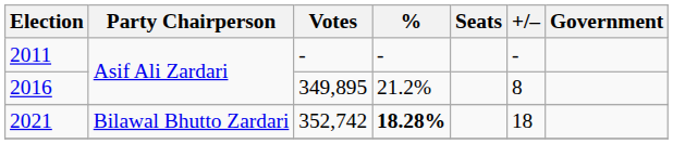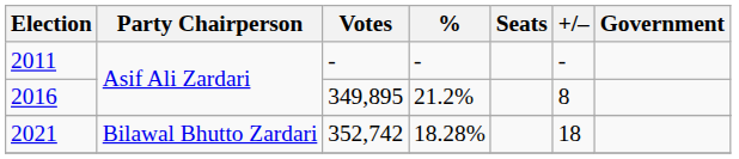 <table class="wikitable">
 <tr>
 <th><strong>Election</strong></th>
 <th>Party Chairperson</th>
 <th><strong>Votes</strong></th>
 <th><strong>%</strong></th>
 <th><strong>Seats</strong></th>
 <th>+/–</th>
 <th>Government</th>
 </tr>
 <tr>
 <td><a href='#'>2011</a></td>
 <td rowspan="2"><a href='#'>Asif Ali Zardari</a></td>
 <td>-</td>
 <td>-</td>
 <td></td>
 <td> -</td>
 <td></td>
 </tr>
 <tr>
 <td><a href='#'>2016</a></td>
 <td>349,895</td>
 <td>21.2%</td>
 <td></td>
 <td> 8</td>
 <td></td>
 </tr>
 <tr>
 </tr>
 <tr>
 <td><a href='#'>2021</a></td>
 <td><a href='#'>Bilawal Bhutto Zardari</a></td>
 <td>352,742</td>
-<td><strong>18.28%</strong></td>
+<td>18.28%</td>
 <td></td>
 <td> 18</td>
 <td></td>
 </tr>
 <tr>
 </tr>
 </table>
